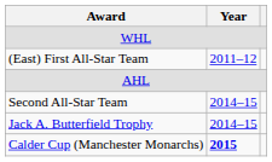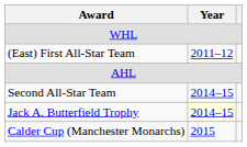 <table class="wikitable">
 <tr>
 <th>Award</th>
 <th>Year</th>
 <th></th>
 </tr>
 <tr ALIGN="center" bgcolor="#e0e0e0">
 <td colspan="3"><a href='#'>WHL</a></td>
 </tr>
 <tr>
 <td>(East) First All-Star Team</td>
 <td><a href='#'>2011–12</a></td>
 <td></td>
 </tr>
 <tr ALIGN="center" bgcolor="#e0e0e0">
 <td colspan="3"><a href='#'>AHL</a></td>
 </tr>
 <tr>
 <td>Second All-Star Team</td>
 <td><a href='#'>2014–15</a></td>
 <td></td>
 </tr>
 <tr>
 <td><a href='#'>Jack A. Butterfield Trophy</a></td>
-<td><a href='#'>2014–15</a></td>
+<td style="background: lightyellow;"><a href='#'>2014–15</a></td>
 <td></td>
 </tr>
 <tr>
 <td><a href='#'>Calder Cup</a> (Manchester Monarchs)</td>
-<td><strong><a href='#'>2015</a></strong></td>
+<td><a href='#'>2015</a></td>
 <td></td>
 </tr>
 </table>
